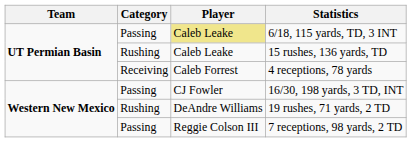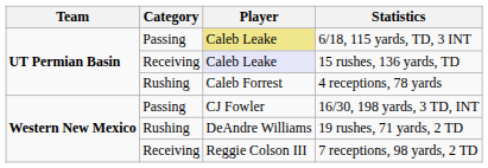 <table class="wikitable" style="float: right;">
 <tr>
 <th>Team</th>
 <th>Category</th>
 <th>Player</th>
 <th>Statistics</th>
 </tr>
 <tr>
 <td rowspan=3><strong>UT Permian Basin</strong></td>
 <td>Passing</td>
 <td style="background: khaki;">Caleb Leake</td>
 <td>6/18, 115 yards, TD, 3 INT</td>
 </tr>
 <tr>
-<td>Rushing</td>
-<td>Caleb Leake</td>
+<td>Receiving</td>
+<td style="background: lavender;">Caleb Leake</td>
 <td>15 rushes, 136 yards, TD</td>
 </tr>
 <tr>
-<td>Receiving</td>
+<td>Rushing</td>
 <td>Caleb Forrest</td>
 <td>4 receptions, 78 yards</td>
 </tr>
 <tr>
 <td rowspan=3><strong>Western New Mexico</strong></td>
 <td>Passing</td>
 <td>CJ Fowler</td>
 <td>16/30, 198 yards, 3 TD, INT</td>
 </tr>
 <tr>
 <td>Rushing</td>
 <td>DeAndre Williams</td>
 <td>19 rushes, 71 yards, 2 TD</td>
 </tr>
 <tr>
-<td>Passing</td>
+<td>Receiving</td>
 <td>Reggie Colson III</td>
 <td>7 receptions, 98 yards, 2 TD</td>
 </tr>
 </table>
